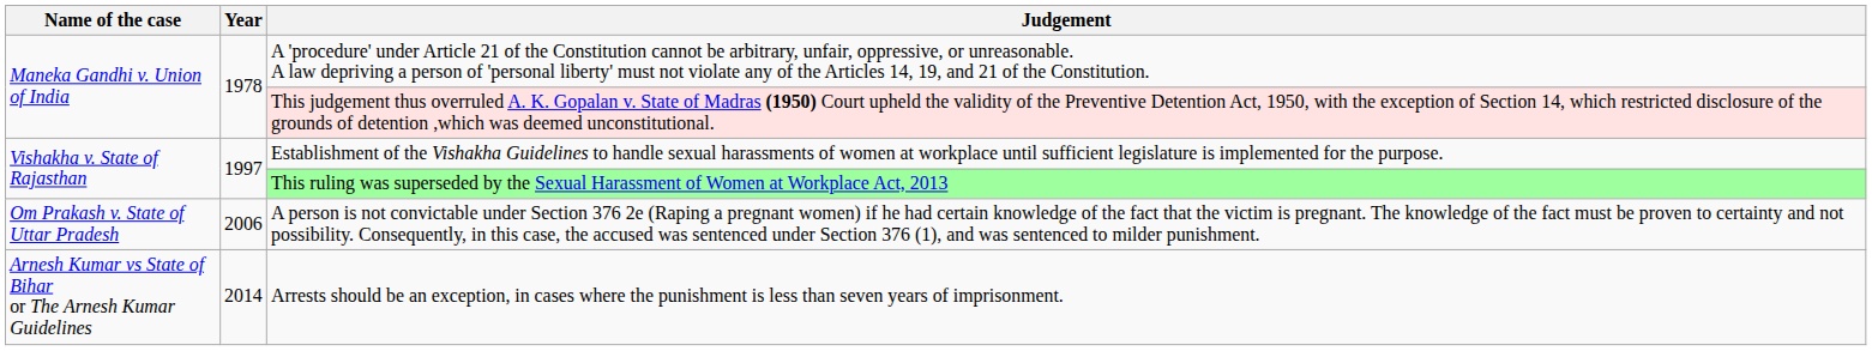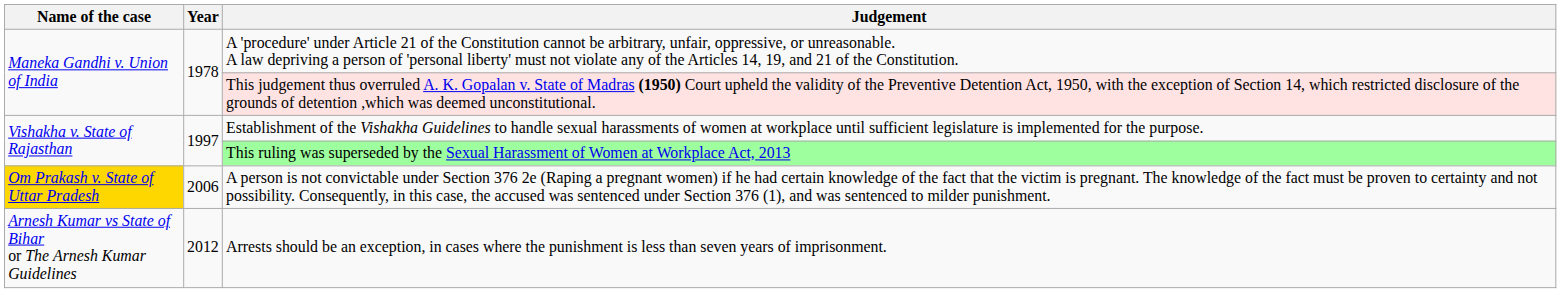 <table class="wikitable">
 <tr>
 <th>Name of the case</th>
 <th>Year</th>
 <th>Judgement</th>
 </tr>
 <tr>
 <td rowspan = 2><em><a href='#'>Maneka Gandhi v. Union of India</a></em></td>
 <td rowspan = 2>1978</td>
 <td>A 'procedure' under Article 21 of the Constitution cannot be arbitrary, unfair, oppressive, or unreasonable.<br>A law depriving a person of 'personal liberty' must not violate any of the Articles 14, 19, and 21 of the Constitution.</td>
 </tr>
 <tr>
 <td style="background-color:#FFE3E3">This judgement thus overruled <a href='#'>A. K. Gopalan v. State of Madras</a> <strong>(1950)</strong> Court upheld the validity of the Preventive Detention Act, 1950, with the exception of Section 14, which restricted disclosure of the grounds of detention ,which was deemed unconstitutional.</td>
 </tr>
 <tr>
 <td rowspan = 2><a href='#'><em>Vishakha v. State of Rajasthan</em></a></td>
 <td rowspan = 2>1997</td>
 <td>Establishment of the <em>Vishakha Guidelines</em> to handle sexual harassments of women at workplace until sufficient legislature is implemented for the purpose.</td>
 </tr>
 <tr>
 <td style="background-color:#9EFF9E">This ruling was superseded by the <a href='#'>Sexual Harassment of Women at Workplace Act, 2013</a></td>
 </tr>
 <tr>
-<td><em><a href='#'>Om Prakash v. State of Uttar Pradesh</a></em></td>
+<td style="background: gold;"><em><a href='#'>Om Prakash v. State of Uttar Pradesh</a></em></td>
 <td>2006</td>
 <td>A person is not convictable under Section 376 2e (Raping a pregnant women) if he had certain knowledge of the fact that the victim is pregnant. The knowledge of the fact must be proven to certainty and not possibility. Consequently, in this case, the accused was sentenced under Section 376 (1), and was sentenced to milder punishment.</td>
 </tr>
 <tr>
 <td><em><a href='#'>Arnesh Kumar vs State of Bihar</a></em><br>or <em>The</em> <em>Arnesh Kumar Guidelines</em></td>
-<td>2014</td>
+<td>2012</td>
 <td>Arrests should be an exception, in cases where the punishment is less than seven years of imprisonment.</td>
 </tr>
 </table>
